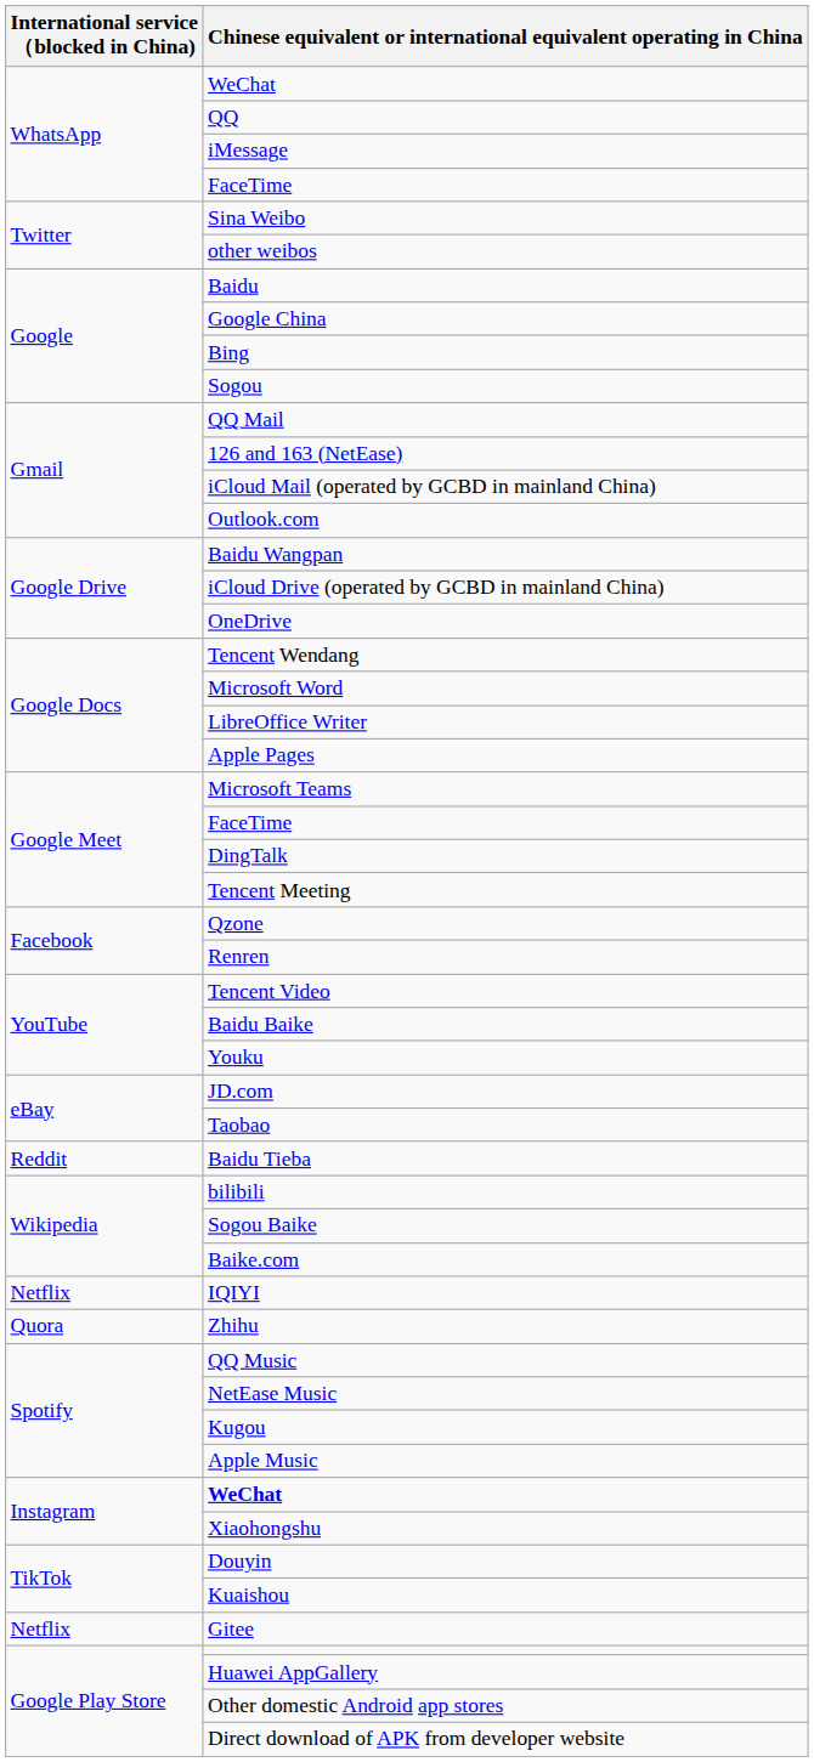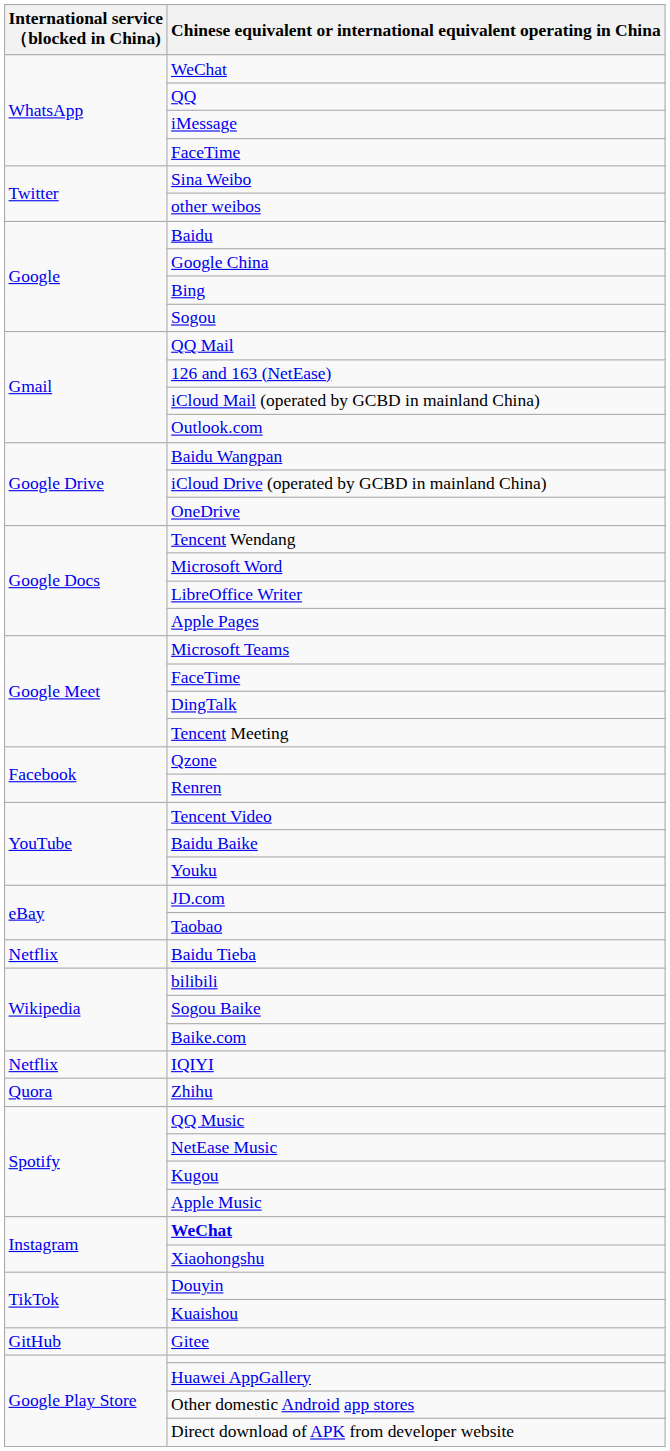 <table class="wikitable">
 <tr>
 <th>International service<br>（blocked in China)</th>
 <th>Chinese equivalent or international equivalent operating in China</th>
 </tr>
 <tr>
 <td rowspan="4"><a href='#'>WhatsApp</a></td>
 <td><a href='#'>WeChat</a></td>
 </tr>
 <tr>
 <td><a href='#'>QQ</a></td>
 </tr>
 <tr>
 <td><a href='#'>iMessage</a></td>
 </tr>
 <tr>
 <td><a href='#'>FaceTime</a></td>
 </tr>
 <tr>
 <td rowspan="2"><a href='#'>Twitter</a></td>
 <td><a href='#'>Sina Weibo</a></td>
 </tr>
 <tr>
 <td><a href='#'>other weibos</a></td>
 </tr>
 <tr>
 <td rowspan="4"><a href='#'>Google</a></td>
 <td><a href='#'>Baidu</a></td>
 </tr>
 <tr>
 <td><a href='#'>Google China</a></td>
 </tr>
 <tr>
 <td><a href='#'>Bing</a></td>
 </tr>
 <tr>
 <td><a href='#'>Sogou</a></td>
 </tr>
 <tr>
 <td rowspan="4"><a href='#'>Gmail</a></td>
 <td><a href='#'>QQ Mail</a></td>
 </tr>
 <tr>
 <td><a href='#'>126 and 163 (NetEase)</a></td>
 </tr>
 <tr>
 <td><a href='#'>iCloud Mail</a> (operated by GCBD in mainland China)</td>
 </tr>
 <tr>
 <td><a href='#'>Outlook.com</a></td>
 </tr>
 <tr>
 <td rowspan="3"><a href='#'>Google Drive</a></td>
 <td><a href='#'>Baidu Wangpan</a></td>
 </tr>
 <tr>
 <td><a href='#'>iCloud Drive</a> (operated by GCBD in mainland China)</td>
 </tr>
 <tr>
 <td><a href='#'>OneDrive</a></td>
 </tr>
 <tr>
 <td rowspan="4"><a href='#'>Google Docs</a></td>
 <td><a href='#'>Tencent</a> Wendang</td>
 </tr>
 <tr>
 <td><a href='#'>Microsoft Word</a></td>
 </tr>
 <tr>
 <td><a href='#'>LibreOffice Writer</a></td>
 </tr>
 <tr>
 <td><a href='#'>Apple Pages</a></td>
 </tr>
 <tr>
 <td rowspan="4"><a href='#'>Google Meet</a></td>
 <td><a href='#'>Microsoft Teams</a></td>
 </tr>
 <tr>
 <td><a href='#'>FaceTime</a></td>
 </tr>
 <tr>
 <td><a href='#'>DingTalk</a></td>
 </tr>
 <tr>
 <td><a href='#'>Tencent</a> Meeting</td>
 </tr>
 <tr>
 <td rowspan="2"><a href='#'>Facebook</a></td>
 <td><a href='#'>Qzone</a></td>
 </tr>
 <tr>
 <td><a href='#'>Renren</a></td>
 </tr>
 <tr>
 <td rowspan="3"><a href='#'>YouTube</a></td>
 <td><a href='#'>Tencent Video</a></td>
 </tr>
 <tr>
 <td><a href='#'>Baidu Baike</a></td>
 </tr>
 <tr>
 <td><a href='#'>Youku</a></td>
 </tr>
 <tr>
 <td rowspan="2"><a href='#'>eBay</a></td>
 <td><a href='#'>JD.com</a></td>
 </tr>
 <tr>
 <td><a href='#'>Taobao</a></td>
 </tr>
 <tr>
-<td><a href='#'>Reddit</a></td>
+<td><a href='#'>Netflix</a></td>
 <td><a href='#'>Baidu Tieba</a></td>
 </tr>
 <tr>
 <td rowspan="3"><a href='#'>Wikipedia</a></td>
 <td><a href='#'>bilibili</a></td>
 </tr>
 <tr>
 <td><a href='#'>Sogou Baike</a></td>
 </tr>
 <tr>
 <td><a href='#'>Baike.com</a></td>
 </tr>
 <tr>
 <td><a href='#'>Netflix</a></td>
 <td><a href='#'>IQIYI</a></td>
 </tr>
 <tr>
 <td><a href='#'>Quora</a></td>
 <td><a href='#'>Zhihu</a></td>
 </tr>
 <tr>
 <td rowspan="4"><a href='#'>Spotify</a></td>
 <td><a href='#'>QQ Music</a></td>
 </tr>
 <tr>
 <td><a href='#'>NetEase Music</a></td>
 </tr>
 <tr>
 <td><a href='#'>Kugou</a></td>
 </tr>
 <tr>
 <td><a href='#'>Apple Music</a></td>
 </tr>
 <tr>
 <td rowspan="2"><a href='#'>Instagram</a></td>
 <td><strong><a href='#'>WeChat</a></strong></td>
 </tr>
 <tr>
 <td><a href='#'>Xiaohongshu</a></td>
 </tr>
 <tr>
 <td rowspan="2"><a href='#'>TikTok</a></td>
 <td><a href='#'>Douyin</a></td>
 </tr>
 <tr>
 <td><a href='#'>Kuaishou</a></td>
 </tr>
 <tr>
-<td><a href='#'>Netflix</a></td>
+<td><a href='#'>GitHub</a></td>
 <td><a href='#'>Gitee</a></td>
 </tr>
 <tr>
 <td rowspan="4"><a href='#'>Google Play Store</a></td>
 <td></td>
 </tr>
 <tr>
 <td><a href='#'>Huawei AppGallery</a></td>
 </tr>
 <tr>
 <td>Other domestic <a href='#'>Android</a> <a href='#'>app stores</a></td>
 </tr>
 <tr>
 <td>Direct download of <a href='#'>APK</a> from developer website</td>
 </tr>
 </table>
